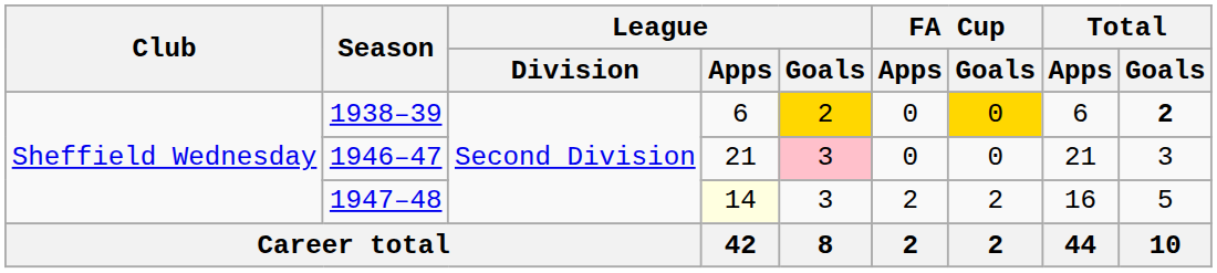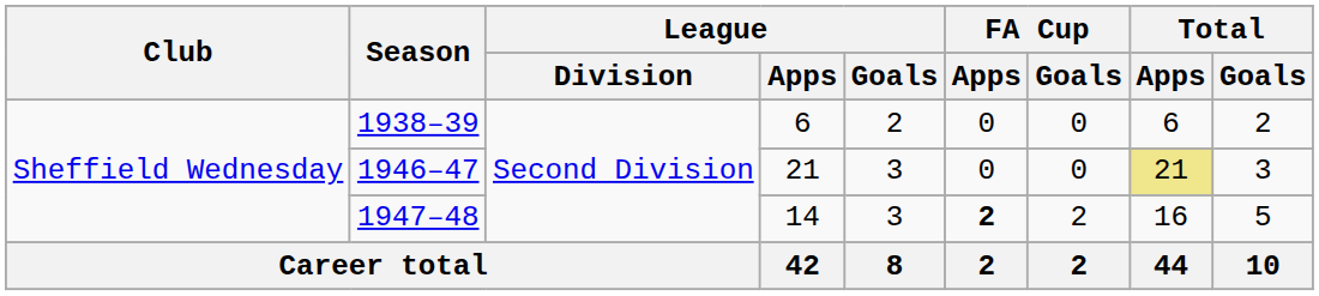 <table class="wikitable" style="text-align:center">
 <tr>
 <th rowspan="2">Club</th>
 <th rowspan="2">Season</th>
 <th colspan="3">League</th>
 <th colspan="2">FA Cup</th>
 <th colspan="2">Total</th>
 </tr>
 <tr>
 <th>Division</th>
 <th>Apps</th>
 <th>Goals</th>
 <th>Apps</th>
 <th>Goals</th>
 <th>Apps</th>
 <th>Goals</th>
 </tr>
 <tr>
 <td rowspan="3"><a href='#'>Sheffield Wednesday</a></td>
 <td><a href='#'>1938–39</a></td>
 <td rowspan="3"><a href='#'>Second Division</a></td>
 <td>6</td>
-<td style="background: gold;">2</td>
+<td>2</td>
 <td>0</td>
-<td style="background: gold;">0</td>
+<td>0</td>
 <td>6</td>
-<td><strong>2</strong></td>
+<td>2</td>
 </tr>
 <tr>
 <td><a href='#'>1946–47</a></td>
 <td>21</td>
-<td style="background: pink;">3</td>
+<td>3</td>
 <td>0</td>
 <td>0</td>
-<td>21</td>
+<td style="background: khaki;">21</td>
 <td>3</td>
 </tr>
 <tr>
 <td><a href='#'>1947–48</a></td>
-<td style="background: lightyellow;">14</td>
+<td>14</td>
 <td>3</td>
-<td>2</td>
+<td><strong>2</strong></td>
 <td>2</td>
 <td>16</td>
 <td>5</td>
 </tr>
 <tr>
 <th colspan="3">Career total</th>
 <th>42</th>
 <th>8</th>
 <th>2</th>
 <th>2</th>
 <th>44</th>
 <th>10</th>
 </tr>
 </table>
